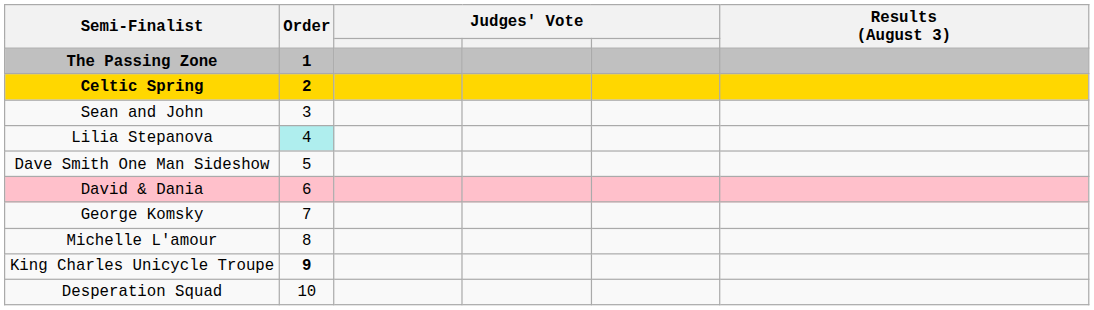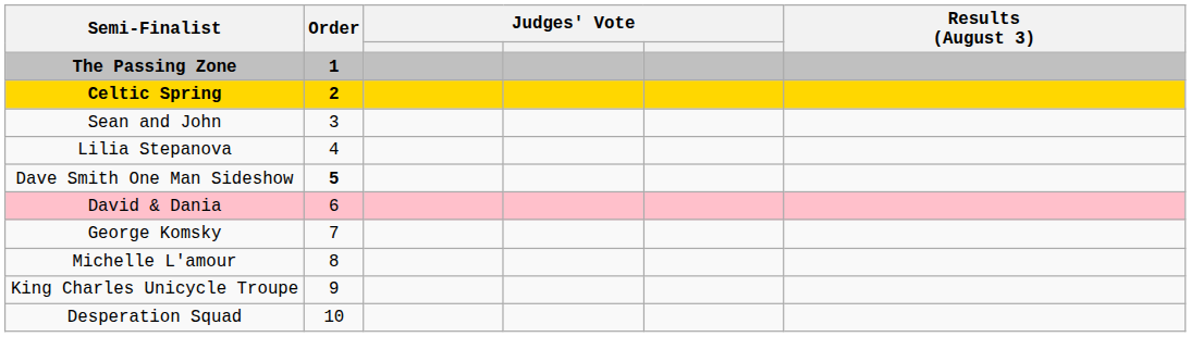 <table class="wikitable plainrowheaders sortable" style="text-align:center;">
 <tr>
 <th scope="col" rowspan="2" class="unsortable" style="width:17em;">Semi-Finalist</th>
 <th scope="col" rowspan="2" style="width:1em;">Order</th>
 <th scope="col" colspan="3" class="unsortable" style="width:24em;">Judges' Vote</th>
 <th scope="col" rowspan="2" style="width:23em;">Results <br> (August 3)</th>
 </tr>
 <tr>
 <th scope="col" class="unsortable" style="width:6em;"></th>
 <th scope="col" class="unsortable" style="width:6em;"></th>
 <th scope="col" class="unsortable" style="width:6em;"></th>
 </tr>
 <tr style="background:silver;">
 <td><strong>The Passing Zone</strong></td>
 <td><strong>1</strong></td>
 <td style="text-align:center;"></td>
 <td style="text-align:center;"></td>
 <td style="text-align:center;"></td>
 <td><strong></strong></td>
 </tr>
 <tr style="background:gold;">
 <td><strong>Celtic Spring</strong></td>
 <td><strong>2</strong></td>
 <td style="text-align:center;"></td>
 <td style="text-align:center;"></td>
 <td style="text-align:center;"></td>
 <td><strong></strong></td>
 </tr>
 <tr>
 <td>Sean and John</td>
 <td>3</td>
 <td style="text-align:center;"></td>
 <td style="text-align:center;"></td>
 <td style="text-align:center;"></td>
 <td></td>
 </tr>
 <tr>
 <td>Lilia Stepanova</td>
-<td style="background: paleturquoise;">4</td>
+<td>4</td>
 <td style="text-align:center;"></td>
 <td style="text-align:center;"></td>
 <td style="text-align:center;"></td>
 <td></td>
 </tr>
 <tr>
 <td>Dave Smith One Man Sideshow</td>
-<td>5</td>
+<td><strong>5</strong></td>
 <td style="text-align:center;"></td>
 <td style="text-align:center;"></td>
 <td style="text-align:center;"></td>
 <td></td>
 </tr>
 <tr style="background:pink;">
 <td>David & Dania</td>
 <td>6</td>
 <td style="text-align:center;"></td>
 <td style="text-align:center;"></td>
 <td style="text-align:center;"></td>
 <td></td>
 </tr>
 <tr>
 <td>George Komsky</td>
 <td>7</td>
 <td style="text-align:center;"></td>
 <td style="text-align:center;"></td>
 <td style="text-align:center;"></td>
 <td></td>
 </tr>
 <tr>
 <td>Michelle L'amour</td>
 <td>8</td>
 <td style="text-align:center;"></td>
 <td style="text-align:center;"></td>
 <td style="text-align:center;"></td>
 <td></td>
 </tr>
 <tr>
 <td>King Charles Unicycle Troupe</td>
-<td><strong>9</strong></td>
+<td>9</td>
 <td style="text-align:center;"></td>
 <td style="text-align:center;"></td>
 <td style="text-align:center;"></td>
 <td></td>
 </tr>
 <tr>
 <td>Desperation Squad</td>
 <td>10</td>
 <td style="text-align:center;"></td>
 <td style="text-align:center;"></td>
 <td style="text-align:center;"></td>
 <td></td>
 </tr>
 </table>
